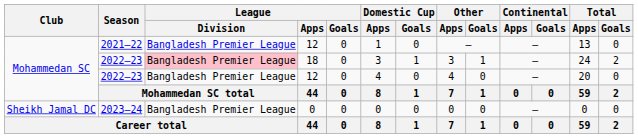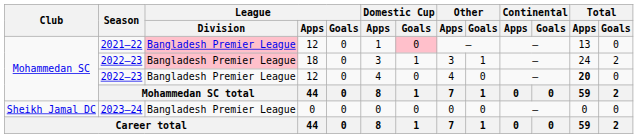 <table class="wikitable" style="text-align:center">
 <tr>
 <th rowspan="2">Club</th>
 <th rowspan="2">Season</th>
 <th colspan="3">League</th>
 <th colspan="2">Domestic Cup</th>
 <th colspan="2">Other</th>
 <th colspan="2">Continental</th>
 <th colspan="2">Total</th>
 </tr>
 <tr>
 <th>Division</th>
 <th>Apps</th>
 <th>Goals</th>
 <th>Apps</th>
 <th>Goals</th>
 <th>Apps</th>
 <th>Goals</th>
 <th>Apps</th>
 <th>Goals</th>
 <th>Apps</th>
 <th>Goals</th>
 </tr>
 <tr>
 <td rowspan=4><a href='#'>Mohammedan SC</a></td>
 <td><a href='#'>2021–22</a></td>
-<td><a href='#'>Bangladesh Premier League</a></td>
+<td style="background: pink;"><a href='#'>Bangladesh Premier League</a></td>
 <td>12</td>
 <td>0</td>
 <td>1</td>
-<td>0</td>
+<td style="background: pink;">0</td>
 <td colspan="2">—</td>
 <td colspan="2">—</td>
 <td>13</td>
 <td>0</td>
 </tr>
 <tr>
 <td><a href='#'>2022–23</a></td>
 <td style="background: pink;">Bangladesh Premier League</td>
 <td>18</td>
 <td>0</td>
 <td>3</td>
 <td>1</td>
 <td>3</td>
 <td>1</td>
 <td colspan="2">—</td>
 <td>24</td>
 <td>2</td>
 </tr>
 <tr>
 <td><a href='#'>2022–23</a></td>
 <td>Bangladesh Premier League</td>
 <td>12</td>
 <td>0</td>
 <td>4</td>
 <td>0</td>
 <td>4</td>
 <td>0</td>
 <td colspan="2">—</td>
-<td>20</td>
+<td><strong>20</strong></td>
 <td>0</td>
 </tr>
 <tr>
 <th colspan="2">Mohammedan SC total</th>
 <th>44</th>
 <th>0</th>
 <th>8</th>
 <th>1</th>
 <th>7</th>
 <th>1</th>
 <th>0</th>
 <th>0</th>
 <th>59</th>
 <th>2</th>
 </tr>
 <tr>
 <td><a href='#'>Sheikh Jamal DC</a></td>
 <td><a href='#'>2023–24</a></td>
 <td>Bangladesh Premier League</td>
 <td>0</td>
 <td>0</td>
 <td>0</td>
 <td>0</td>
 <td>0</td>
 <td>0</td>
 <td colspan="2">—</td>
 <td>0</td>
 <td>0</td>
 </tr>
 <tr>
 <th colspan="3">Career total</th>
 <th>44</th>
 <th>0</th>
 <th>8</th>
 <th>1</th>
 <th>7</th>
 <th>1</th>
 <th>0</th>
 <th>0</th>
 <th>59</th>
 <th>2</th>
 </tr>
 </table>
